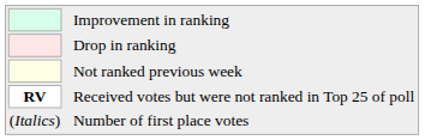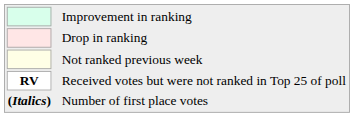 <table align="left" style="font-size:90%; border:1px solid #aaaaaa; white-space:nowrap; background:#eeeeee;">
 <tr>
 <td style="background:#d8ffeb; width:20px; border:1px solid #aaaaaa;"> </td>
 <td rowspan="5"> </td>
 <td>Improvement in ranking</td>
 </tr>
 <tr>
 <td style="background:#ffe6e6; width:20px; border:1px solid #aaaaaa;"> </td>
 <td>Drop in ranking</td>
 </tr>
 <tr>
 <td style="background:#ffffe6; width:20px; border:1px solid #aaaaaa;"> </td>
 <td>Not ranked previous week</td>
 </tr>
 <tr>
 <td align="center" style="width:20px; border:1px solid #aaaaaa; background:white;"><strong>RV</strong></td>
 <td>Received votes but were not ranked in Top 25 of poll</td>
 </tr>
 <tr>
-<td>(<em>Italics</em>)</td>
+<td><strong>(<em>Italics</em>)</strong></td>
 <td>Number of first place votes</td>
 </tr>
 </table>
